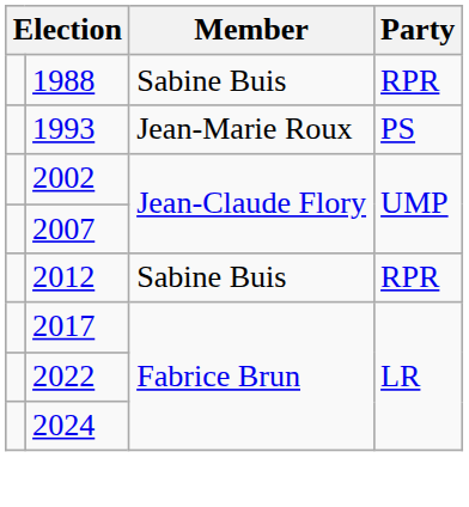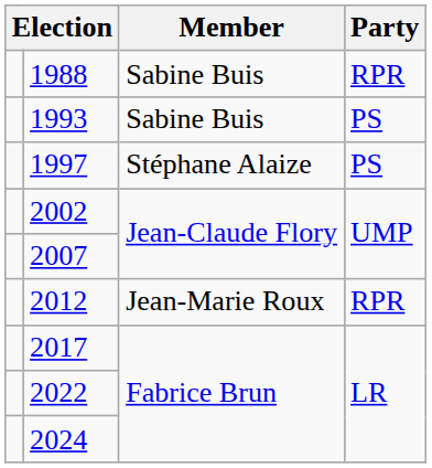 <table class="wikitable">
 <tr>
 <th colspan="2">Election</th>
 <th>Member</th>
 <th>Party</th>
 </tr>
 <tr>
 <td style="color:inherit;background-color: "></td>
 <td><a href='#'>1988</a></td>
 <td>Sabine Buis</td>
 <td><a href='#'>RPR</a></td>
 </tr>
 <tr>
 <td style="color:inherit;background-color: "></td>
 <td><a href='#'>1993</a></td>
-<td>Jean-Marie Roux</td>
+<td>Sabine Buis</td>
+<td><a href='#'>PS</a></td>
+</tr>
+<tr>
+<td style="color:inherit;background-color: "></td>
+<td><a href='#'>1997</a></td>
+<td>Stéphane Alaize</td>
 <td><a href='#'>PS</a></td>
 </tr>
 <tr>
 <td style="color:inherit;background-color: "></td>
 <td><a href='#'>2002</a></td>
 <td rowspan=2><a href='#'>Jean-Claude Flory</a></td>
 <td rowspan=2><a href='#'>UMP</a></td>
 </tr>
 <tr>
 <td style="color:inherit;background-color: "></td>
 <td><a href='#'>2007</a></td>
 </tr>
 <tr>
 <td style="color:inherit;background-color: "></td>
 <td><a href='#'>2012</a></td>
-<td>Sabine Buis</td>
+<td>Jean-Marie Roux</td>
 <td><a href='#'>RPR</a></td>
 </tr>
 <tr>
 <td style="color:inherit;background-color: "></td>
 <td><a href='#'>2017</a></td>
 <td rowspan="3"><a href='#'>Fabrice Brun</a></td>
 <td rowspan="3"><a href='#'>LR</a></td>
 </tr>
 <tr>
 <td style="color:inherit;background-color: "></td>
 <td><a href='#'>2022</a></td>
 </tr>
 <tr>
 <td style="color:inherit;background-color: "></td>
 <td><a href='#'>2024</a></td>
 </tr>
 </table>
